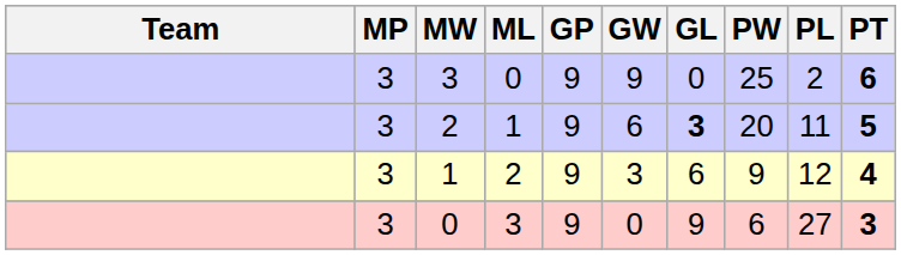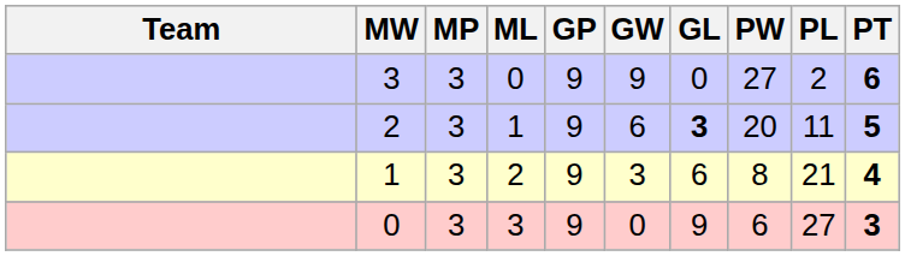 <table class=wikitable style="text-align:center">
 <tr>
 <th width=175>Team</th>
+<th width=20>MW</th>
 <th width=20>MP</th>
-<th width=20>MW</th>
 <th width=20>ML</th>
 <th width=20>GP</th>
 <th width=20>GW</th>
 <th width=20>GL</th>
 <th width=20>PW</th>
 <th width=20>PL</th>
 <th width=20>PT</th>
 </tr>
 <tr style="background-color:#ccccff;">
 <td style="text-align:left;"></td>
 <td>3</td>
 <td>3</td>
 <td>0</td>
 <td>9</td>
 <td>9</td>
 <td>0</td>
-<td>25</td>
+<td>27</td>
 <td>2</td>
 <td><strong>6</strong></td>
 </tr>
 <tr style="background-color:#ccccff;">
 <td style="text-align:left;"></td>
+<td>2</td>
 <td>3</td>
-<td>2</td>
 <td>1</td>
 <td>9</td>
 <td>6</td>
 <td><strong>3</strong></td>
 <td>20</td>
 <td>11</td>
 <td><strong>5</strong></td>
 </tr>
 <tr style="background-color:#ffffcc;">
 <td style="text-align:left;"></td>
+<td>1</td>
 <td>3</td>
-<td>1</td>
 <td>2</td>
 <td>9</td>
 <td>3</td>
 <td>6</td>
-<td>9</td>
-<td>12</td>
+<td>8</td>
+<td>21</td>
 <td><strong>4</strong></td>
 </tr>
 <tr style="background-color:#ffcccc;">
 <td style="text-align:left;"></td>
+<td>0</td>
 <td>3</td>
-<td>0</td>
 <td>3</td>
 <td>9</td>
 <td>0</td>
 <td>9</td>
 <td>6</td>
 <td>27</td>
 <td><strong>3</strong></td>
 </tr>
 </table>
